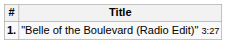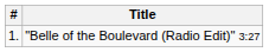 <table class="wikitable">
 <tr>
 <th>#</th>
 <th>Title</th>
 </tr>
 <tr>
-<td><strong>1.</strong></td>
+<td>1.</td>
 <td>"Belle of the Boulevard (Radio Edit)" <small>3:27</small></td>
 </tr>
 </table>
